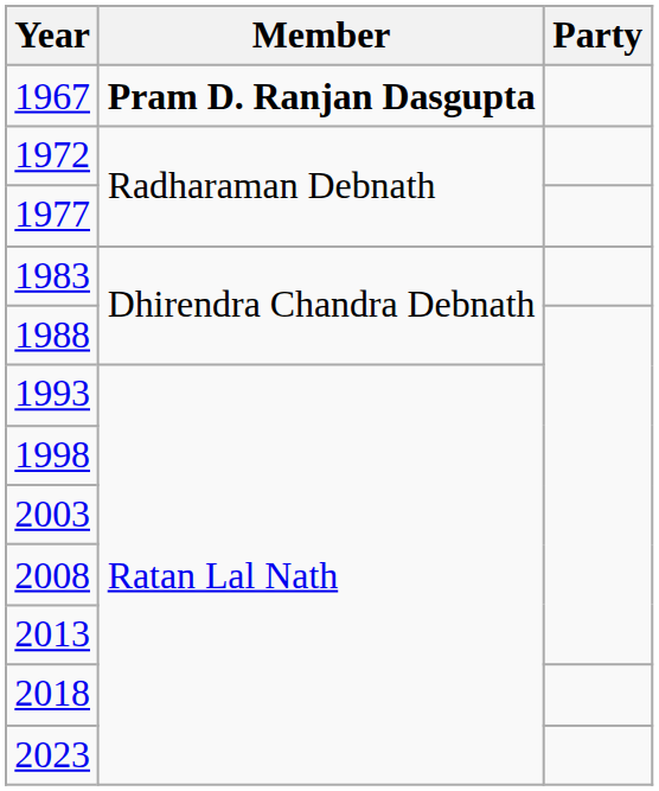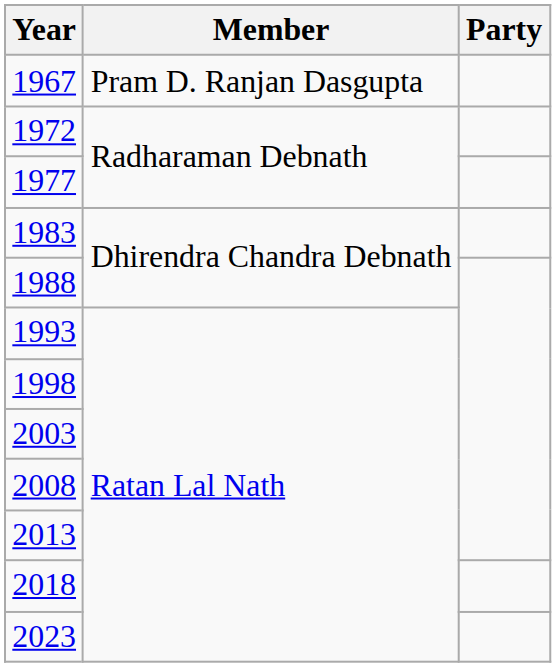 <table class="wikitable sortable">
 <tr>
 <th>Year</th>
 <th>Member</th>
 <th colspan="2">Party</th>
 </tr>
 <tr>
 <td><a href='#'>1967</a></td>
-<td><strong>Pram D. Ranjan Dasgupta</strong></td>
+<td>Pram D. Ranjan Dasgupta</td>
 <td></td>
 </tr>
 <tr>
 <td><a href='#'>1972</a></td>
 <td rowspan=2>Radharaman Debnath</td>
 <td></td>
 </tr>
 <tr>
 <td><a href='#'>1977</a></td>
 </tr>
 <tr>
 <td><a href='#'>1983</a></td>
 <td rowspan=2>Dhirendra Chandra Debnath</td>
 <td></td>
 </tr>
 <tr>
 <td><a href='#'>1988</a></td>
 </tr>
 <tr>
 <td><a href='#'>1993</a></td>
 <td rowspan=7><a href='#'>Ratan Lal Nath</a></td>
 </tr>
 <tr>
 <td><a href='#'>1998</a></td>
 </tr>
 <tr>
 <td><a href='#'>2003</a></td>
 </tr>
 <tr>
 <td><a href='#'>2008</a></td>
 </tr>
 <tr>
 <td><a href='#'>2013</a></td>
 </tr>
 <tr>
 <td><a href='#'>2018</a></td>
 <td></td>
 </tr>
 <tr>
 <td><a href='#'>2023</a></td>
 </tr>
 </table>
